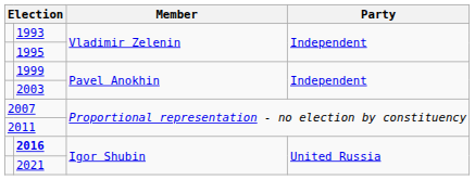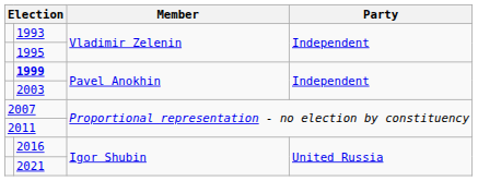 <table class="wikitable">
 <tr>
 <th colspan="2">Election</th>
 <th>Member</th>
 <th>Party</th>
 </tr>
 <tr>
 <td style="background-color:"></td>
 <td><a href='#'>1993</a></td>
 <td rowspan=2><a href='#'>Vladimir Zelenin</a></td>
 <td rowspan=2><a href='#'>Independent</a></td>
 </tr>
 <tr>
 <td style="background-color:"></td>
 <td><a href='#'>1995</a></td>
 </tr>
 <tr>
 <td style="background-color:"></td>
-<td><a href='#'>1999</a></td>
+<td><strong><a href='#'>1999</a></strong></td>
 <td rowspan=2><a href='#'>Pavel Anokhin</a></td>
 <td rowspan=2><a href='#'>Independent</a></td>
 </tr>
 <tr>
 <td style="background-color:"></td>
 <td><a href='#'>2003</a></td>
 </tr>
 <tr>
 <td colspan=2><a href='#'>2007</a></td>
 <td colspan=2 rowspan=2><em><a href='#'>Proportional representation</a> - no election by constituency</em></td>
 </tr>
 <tr>
 <td colspan=2><a href='#'>2011</a></td>
 </tr>
 <tr>
 <td style="background-color: "></td>
-<td><strong><a href='#'>2016</a></strong></td>
+<td><a href='#'>2016</a></td>
 <td rowspan=2><a href='#'>Igor Shubin</a></td>
 <td rowspan=2><a href='#'>United Russia</a></td>
 </tr>
 <tr>
 <td style="background-color: "></td>
 <td><a href='#'>2021</a></td>
 </tr>
 </table>
